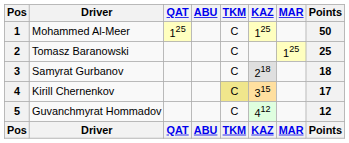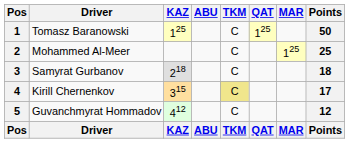 <table class="wikitable" style="font-size: 85%; text-align: center; display: inline-table;">
 <tr valign="top">
 <th valign="middle">Pos</th>
 <th valign="middle">Driver</th>
-<th><a href='#'>QAT</a><br></th>
+<th><a href='#'>KAZ</a><br></th>
 <th><a href='#'>ABU</a><br></th>
 <th><a href='#'>TKM</a><br></th>
-<th><a href='#'>KAZ</a><br></th>
+<th><a href='#'>QAT</a><br></th>
 <th><a href='#'>MAR</a><br></th>
 <th valign="middle">Points</th>
 </tr>
 <tr>
 <th>1</th>
-<td align=left> Mohammed Al-Meer</td>
+<td align=left> Tomasz Baranowski</td>
 <td style="background:#ffffbf;">1<sup>25</sup></td>
 <td></td>
 <td>C</td>
 <td style="background:#ffffbf;">1<sup>25</sup></td>
 <td></td>
 <th>50</th>
 </tr>
 <tr>
 <th>2</th>
-<td align=left> Tomasz Baranowski</td>
+<td align=left> Mohammed Al-Meer</td>
 <td></td>
 <td></td>
 <td>C</td>
 <td></td>
 <td style="background:#ffffbf;">1<sup>25</sup></td>
 <th>25</th>
 </tr>
 <tr>
 <th>3</th>
 <td align=left> Samyrat Gurbanov</td>
-<td></td>
+<td style="background:#dfdfdf;">2<sup>18</sup></td>
 <td></td>
 <td>C</td>
-<td style="background:#dfdfdf;">2<sup>18</sup></td>
+<td></td>
 <td></td>
 <th>18</th>
 </tr>
 <tr>
 <th>4</th>
 <td align=left> Kirill Chernenkov</td>
-<td></td>
+<td style="background:#ffdf9f;">3<sup>15</sup></td>
 <td></td>
 <td style="background: khaki;">C</td>
-<td style="background:#ffdf9f;">3<sup>15</sup></td>
+<td></td>
 <td></td>
 <th>17</th>
 </tr>
 <tr>
 <th>5</th>
 <td align=left> Guvanchmyrat Hommadov</td>
-<td></td>
+<td style="background:#dfffdf;">4<sup>12</sup></td>
 <td></td>
 <td>C</td>
-<td style="background:#dfffdf;">4<sup>12</sup></td>
+<td></td>
 <td></td>
 <th>12</th>
 </tr>
 <tr valign="top">
 <th valign="middle">Pos</th>
 <th valign="middle">Driver</th>
-<th><a href='#'>QAT</a><br></th>
+<th><a href='#'>KAZ</a><br></th>
 <th><a href='#'>ABU</a><br></th>
 <th><a href='#'>TKM</a><br></th>
-<th><a href='#'>KAZ</a><br></th>
+<th><a href='#'>QAT</a><br></th>
 <th><a href='#'>MAR</a><br></th>
 <th valign="middle">Points</th>
 </tr>
 </table>
